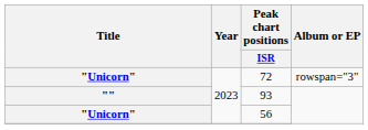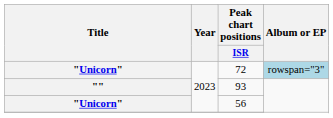 <table class="wikitable plainrowheaders" style="text-align:center;">
 <tr>
 <th rowspan="2" style="width:17em;">Title</th>
 <th rowspan="2" style="width:1em;">Year</th>
 <th colspan="1">Peak chart positions</th>
 <th rowspan="2">Album or EP</th>
 </tr>
 <tr>
 <th scope="col" style="width:2.5em;font-size:90%;"><a href='#'>ISR</a><br></th>
 </tr>
 <tr>
 <th scope="row">"<a href='#'>Unicorn</a>" </th>
 <td rowspan="3">2023</td>
 <td>72</td>
-<td>rowspan="3" </td>
+<td style="background: lightblue;">rowspan="3" </td>
 </tr>
 <tr>
 <th scope="row">""</th>
 <td>93</td>
 </tr>
 <tr>
 <th scope="row">"<a href='#'>Unicorn</a>" </th>
 <td>56</td>
 </tr>
 <tr>
 </tr>
 </table>
